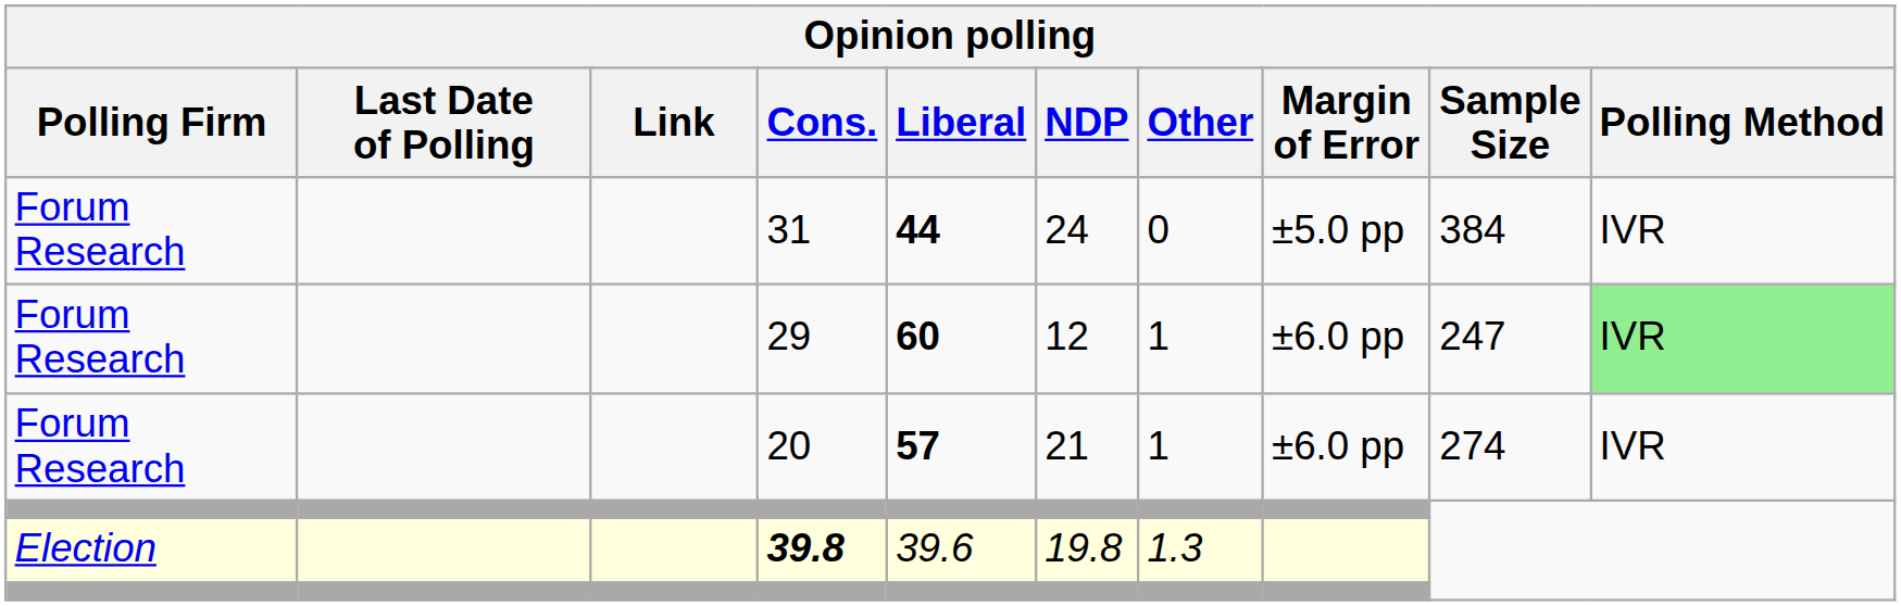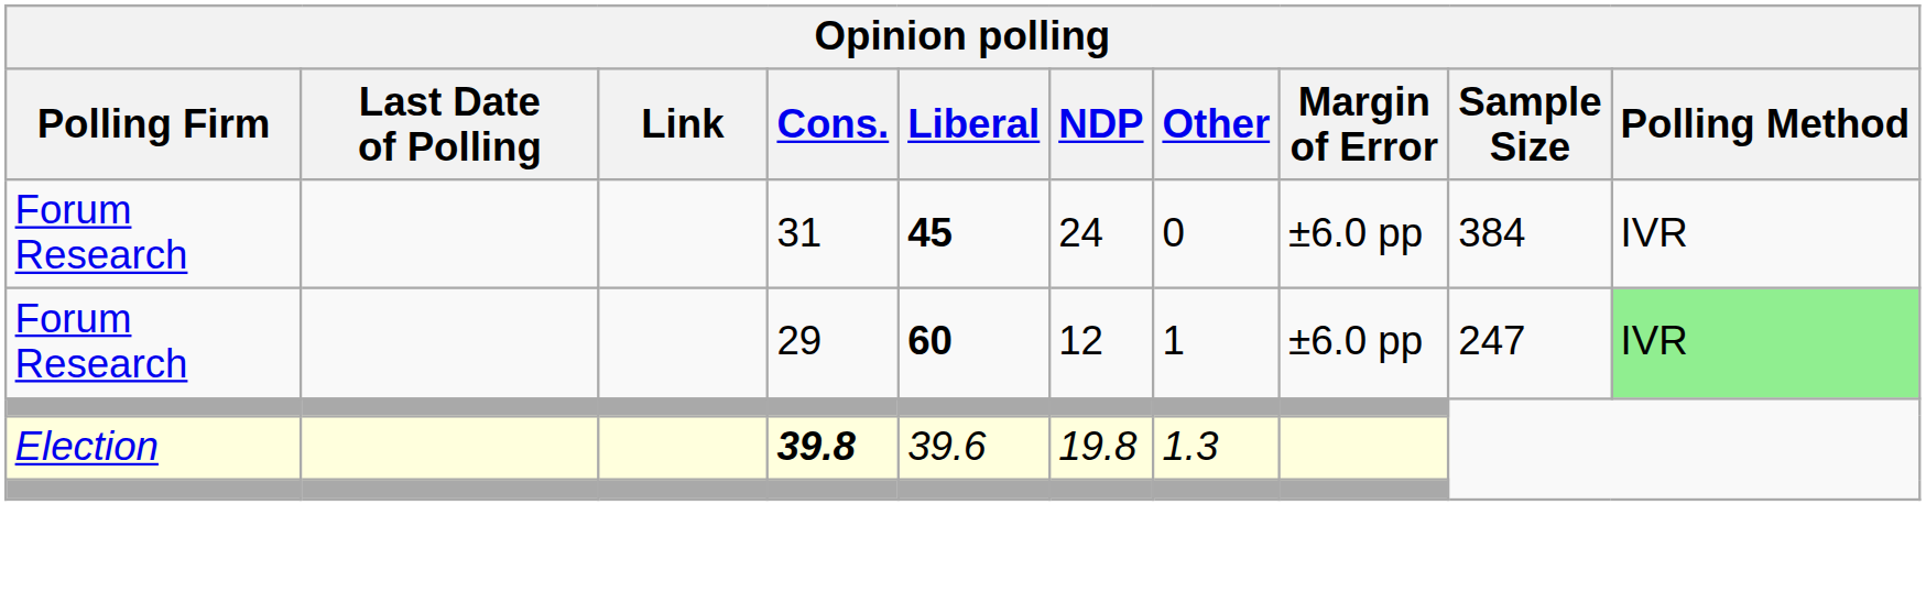 <table class="wikitable collapsible sortable collapsed">
 <tr style="background:#e9e9e9;">
 <th style="width:640px,;" colspan="10">Opinion polling</th>
 </tr>
 <tr style="background:#e9e9e9;">
 <th style="width:110px">Polling Firm</th>
 <th style="width:110px">Last Date<br>of Polling</th>
 <th style="width:60px" class="unsortable">Link</th>
 <th style="background-color:"><a href='#'>Cons.</a></th>
 <th style="background-color:"><a href='#'>Liberal</a></th>
 <th style="background-color:"><a href='#'>NDP</a></th>
 <th style="background-color:"><a href='#'>Other</a></th>
 <th style="width:60px;" class=unsortable>Margin<br>of Error</th>
 <th style="width:50px;" class=unsortable>Sample<br>Size</th>
 <th class=unsortable>Polling Method</th>
 </tr>
 <tr>
 <td><a href='#'>Forum Research</a></td>
 <td></td>
 <td></td>
 <td>31</td>
-<td><strong>44</strong></td>
+<td><strong>45</strong></td>
 <td>24</td>
 <td>0</td>
-<td>±5.0 pp</td>
+<td>±6.0 pp</td>
 <td>384</td>
 <td>IVR</td>
 </tr>
 <tr>
 <td><a href='#'>Forum Research</a></td>
 <td></td>
 <td></td>
 <td>29</td>
 <td><strong>60</strong></td>
 <td>12</td>
 <td>1</td>
 <td>±6.0 pp</td>
 <td>247</td>
 <td style="background: lightgreen;">IVR</td>
-</tr>
-<tr>
-<td><a href='#'>Forum Research</a></td>
-<td></td>
-<td></td>
-<td>20</td>
-<td><strong>57</strong></td>
-<td>21</td>
-<td>1</td>
-<td>±6.0 pp</td>
-<td>274</td>
-<td>IVR</td>
 </tr>
 <tr style="background:Darkgrey;">
 <td></td>
 <td></td>
 <td></td>
 <td></td>
 <td></td>
 <td></td>
 <td></td>
 <td></td>
 </tr>
 <tr>
 <td style="background:#ffd;"><em><a href='#'>Election</a></em></td>
 <td style="background:#ffd;"></td>
 <td style="background:#ffd;"></td>
 <td style="background:#ffd;"><strong><em>39.8</em></strong></td>
 <td style="background:#ffd;"><em>39.6</em></td>
 <td style="background:#ffd;"><em>19.8</em></td>
 <td style="background:#ffd;"><em>1.3</em></td>
 <td style="background:#ffd;"></td>
 </tr>
 <tr style="background:Darkgrey;">
 <td></td>
 <td></td>
 <td></td>
 <td></td>
 <td></td>
 <td></td>
 <td></td>
 <td></td>
 </tr>
 </table>
